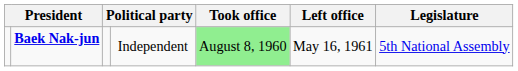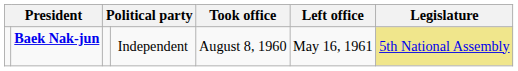 <table class="wikitable" style="text-align:center; border:1px #AAAAFF solid">
 <tr>
 <th colspan="2" width="0" align="center">President</th>
 <th colspan="2" width="0" align="center">Political party</th>
 <th width="0" align="center">Took office</th>
 <th>Left office</th>
 <th>Legislature</th>
 </tr>
 <tr>
 <td></td>
 <td><strong><a href='#'>Baek Nak-jun</a></strong><br><br></td>
 <td style="background:"></td>
 <td>Independent</td>
-<td style="background: lightgreen;">August 8, 1960</td>
+<td>August 8, 1960</td>
 <td>May 16, 1961</td>
-<td><a href='#'>5th National Assembly</a></td>
+<td style="background: khaki;"><a href='#'>5th National Assembly</a></td>
 </tr>
 </table>
